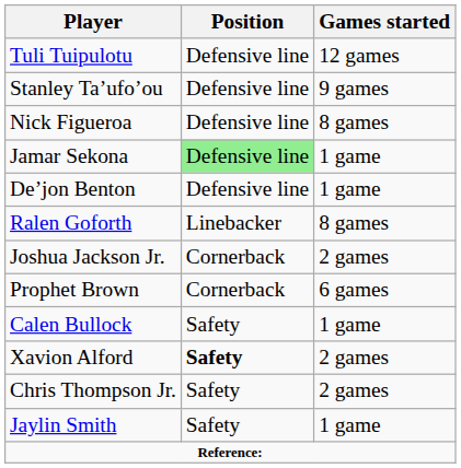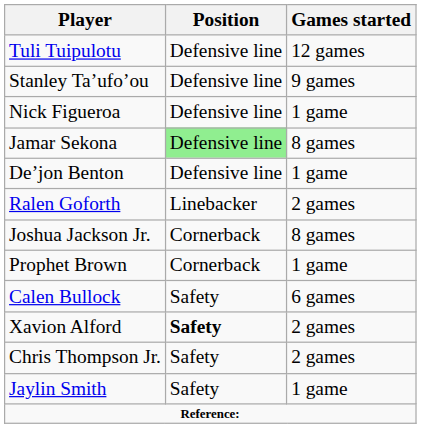 <table class="wikitable">
 <tr ;>
 <th style="text-align:center; ">Player</th>
 <th style="text-align:center; ">Position</th>
 <th style="text-align:center; ">Games started</th>
 </tr>
 <tr>
 <td><a href='#'>Tuli Tuipulotu</a></td>
 <td>Defensive line</td>
 <td>12 games</td>
 </tr>
 <tr>
 <td>Stanley Ta’ufo’ou</td>
 <td>Defensive line</td>
 <td>9 games</td>
 </tr>
 <tr>
 <td>Nick Figueroa</td>
 <td>Defensive line</td>
-<td>8 games</td>
+<td>1 game</td>
 </tr>
 <tr>
 <td>Jamar Sekona</td>
 <td style="background: lightgreen;">Defensive line</td>
-<td>1 game</td>
+<td>8 games</td>
 </tr>
 <tr>
 <td>De’jon Benton</td>
 <td>Defensive line</td>
 <td>1 game</td>
 </tr>
 <tr>
 <td><a href='#'>Ralen Goforth</a></td>
 <td>Linebacker</td>
-<td>8 games</td>
+<td>2 games</td>
 </tr>
 <tr>
 <td>Joshua Jackson Jr.</td>
 <td>Cornerback</td>
-<td>2 games</td>
+<td>8 games</td>
 </tr>
 <tr>
 <td>Prophet Brown</td>
 <td>Cornerback</td>
-<td>6 games</td>
+<td>1 game</td>
 </tr>
 <tr>
 <td><a href='#'>Calen Bullock</a></td>
 <td>Safety</td>
-<td>1 game</td>
+<td>6 games</td>
 </tr>
 <tr>
 <td>Xavion Alford</td>
 <td><strong>Safety</strong></td>
 <td>2 games</td>
 </tr>
 <tr>
 <td>Chris Thompson Jr.</td>
 <td>Safety</td>
 <td>2 games</td>
 </tr>
 <tr>
 <td><a href='#'>Jaylin Smith</a></td>
 <td>Safety</td>
 <td>1 game</td>
 </tr>
 <tr>
 <td colspan="4"  style="font-size:8pt; text-align:center;"><strong>Reference:</strong></td>
 </tr>
 </table>
